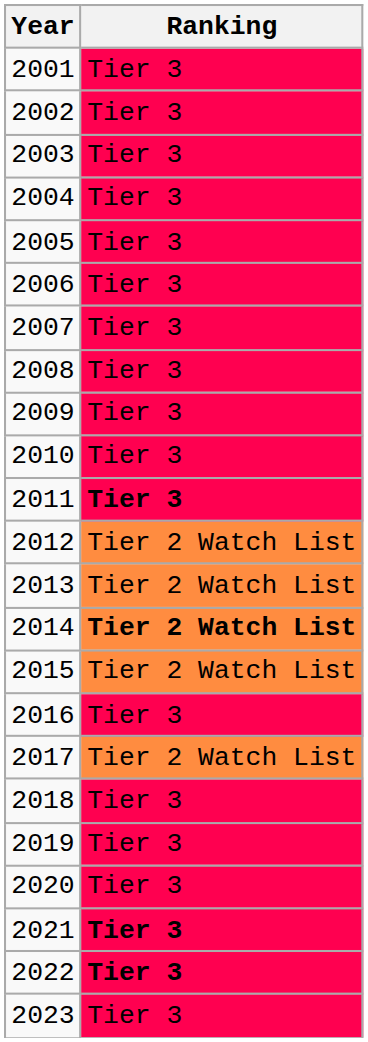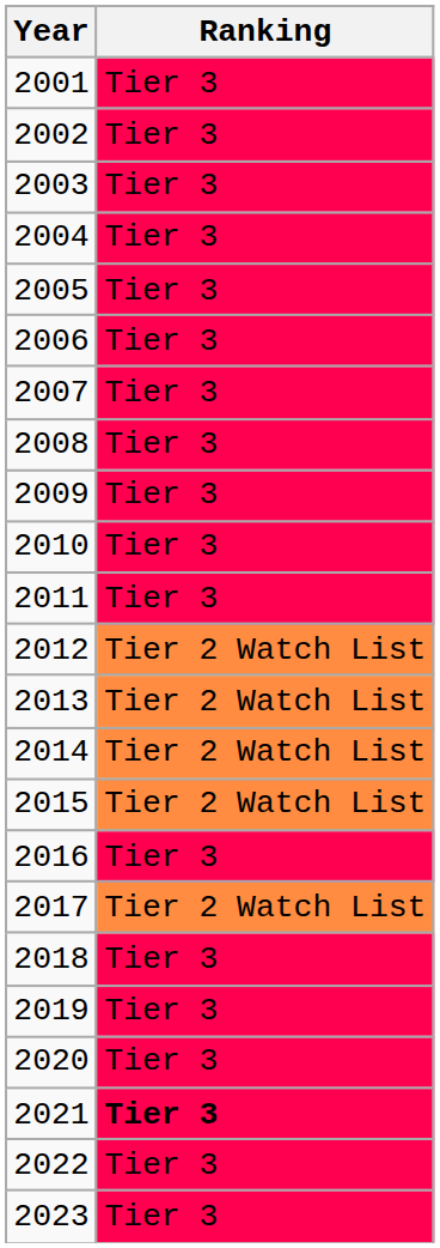 <table class="wikitable sortable mw-collapsible">
 <tr>
 <th>Year</th>
 <th>Ranking</th>
 </tr>
 <tr>
 <td>2001</td>
 <td style="background:#ff0050">Tier 3</td>
 </tr>
 <tr>
 <td>2002</td>
 <td style="background:#ff0050">Tier 3</td>
 </tr>
 <tr>
 <td>2003</td>
 <td style="background:#ff0050">Tier 3</td>
 </tr>
 <tr>
 <td>2004</td>
 <td style="background:#ff0050">Tier 3</td>
 </tr>
 <tr>
 <td>2005</td>
 <td style="background:#ff0050">Tier 3</td>
 </tr>
 <tr>
 <td>2006</td>
 <td style="background:#ff0050">Tier 3</td>
 </tr>
 <tr>
 <td>2007</td>
 <td style="background:#ff0050">Tier 3</td>
 </tr>
 <tr>
 <td>2008</td>
 <td style="background:#ff0050">Tier 3</td>
 </tr>
 <tr>
 <td>2009</td>
 <td style="background:#ff0050">Tier 3</td>
 </tr>
 <tr>
 <td>2010</td>
 <td style="background:#ff0050">Tier 3</td>
 </tr>
 <tr>
 <td>2011</td>
-<td style="background:#ff0050"><strong>Tier 3</strong></td>
+<td style="background:#ff0050">Tier 3</td>
 </tr>
 <tr>
 <td>2012</td>
 <td style="background:#ff8c40">Tier 2 Watch List</td>
 </tr>
 <tr>
 <td>2013</td>
 <td style="background:#ff8c40">Tier 2 Watch List</td>
 </tr>
 <tr>
 <td>2014</td>
-<td style="background:#ff8c40"><strong>Tier 2 Watch List</strong></td>
+<td style="background:#ff8c40">Tier 2 Watch List</td>
 </tr>
 <tr>
 <td>2015</td>
 <td style="background:#ff8c40">Tier 2 Watch List</td>
 </tr>
 <tr>
 <td>2016</td>
 <td style="background:#ff0050">Tier 3</td>
 </tr>
 <tr>
 <td>2017</td>
 <td style="background:#ff8c40">Tier 2 Watch List</td>
 </tr>
 <tr>
 <td>2018</td>
 <td style="background:#ff0050">Tier 3</td>
 </tr>
 <tr>
 <td>2019</td>
 <td style="background:#ff0050">Tier 3</td>
 </tr>
 <tr>
 <td>2020</td>
 <td style="background:#ff0050">Tier 3</td>
 </tr>
 <tr>
 <td>2021</td>
 <td style="background:#ff0050"><strong>Tier 3</strong></td>
 </tr>
 <tr>
 <td>2022</td>
-<td style="background:#ff0050"><strong>Tier 3</strong></td>
+<td style="background:#ff0050">Tier 3</td>
 </tr>
 <tr>
 <td>2023</td>
 <td style="background:#ff0050">Tier 3</td>
 </tr>
 </table>
